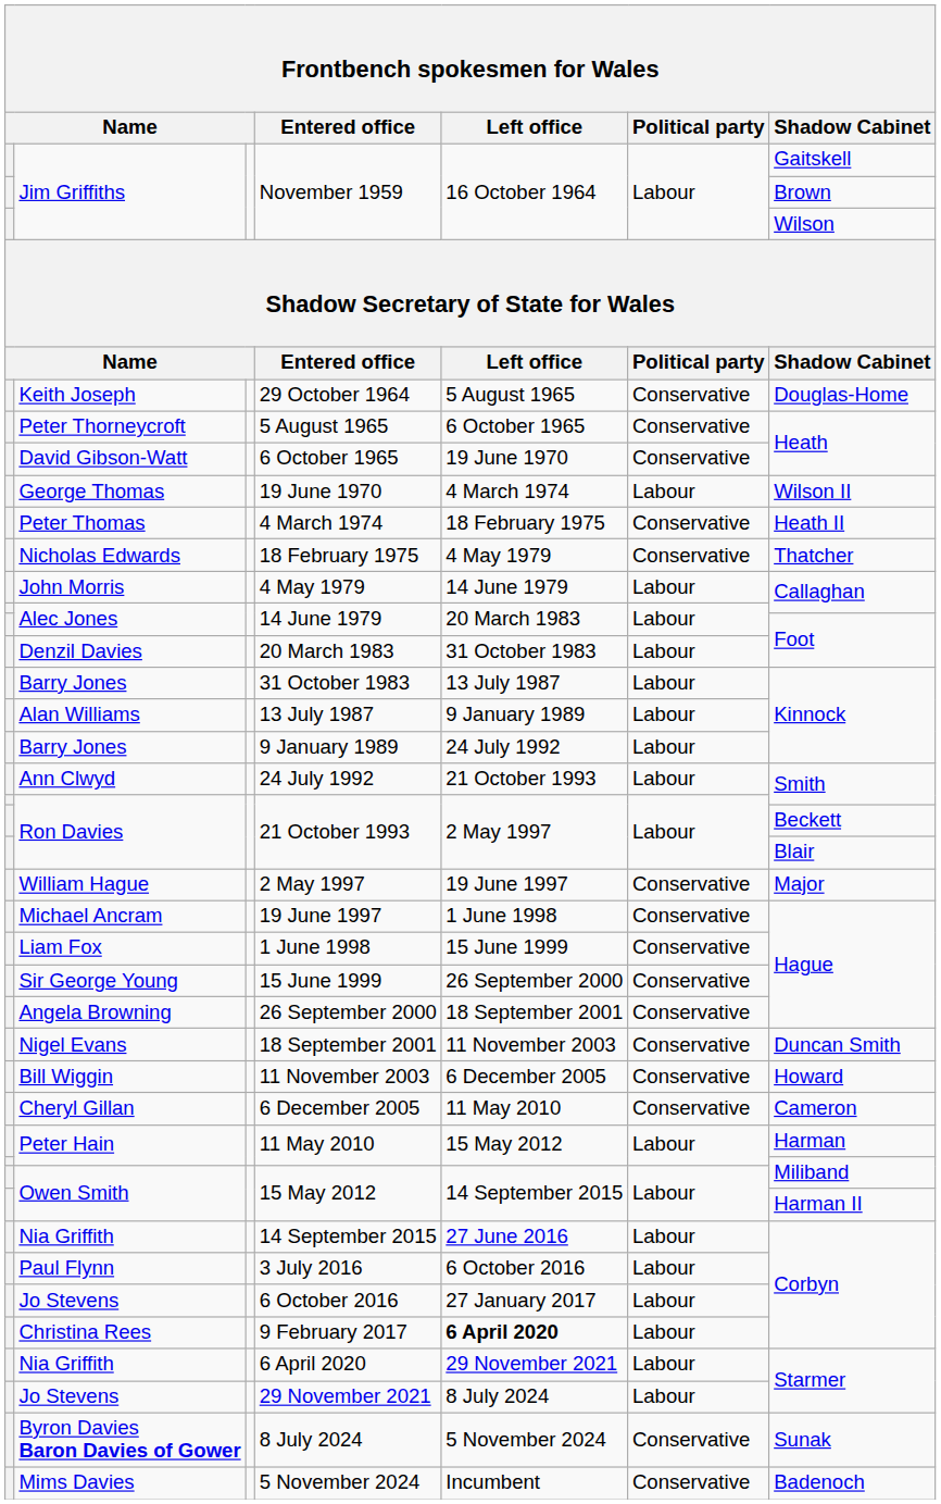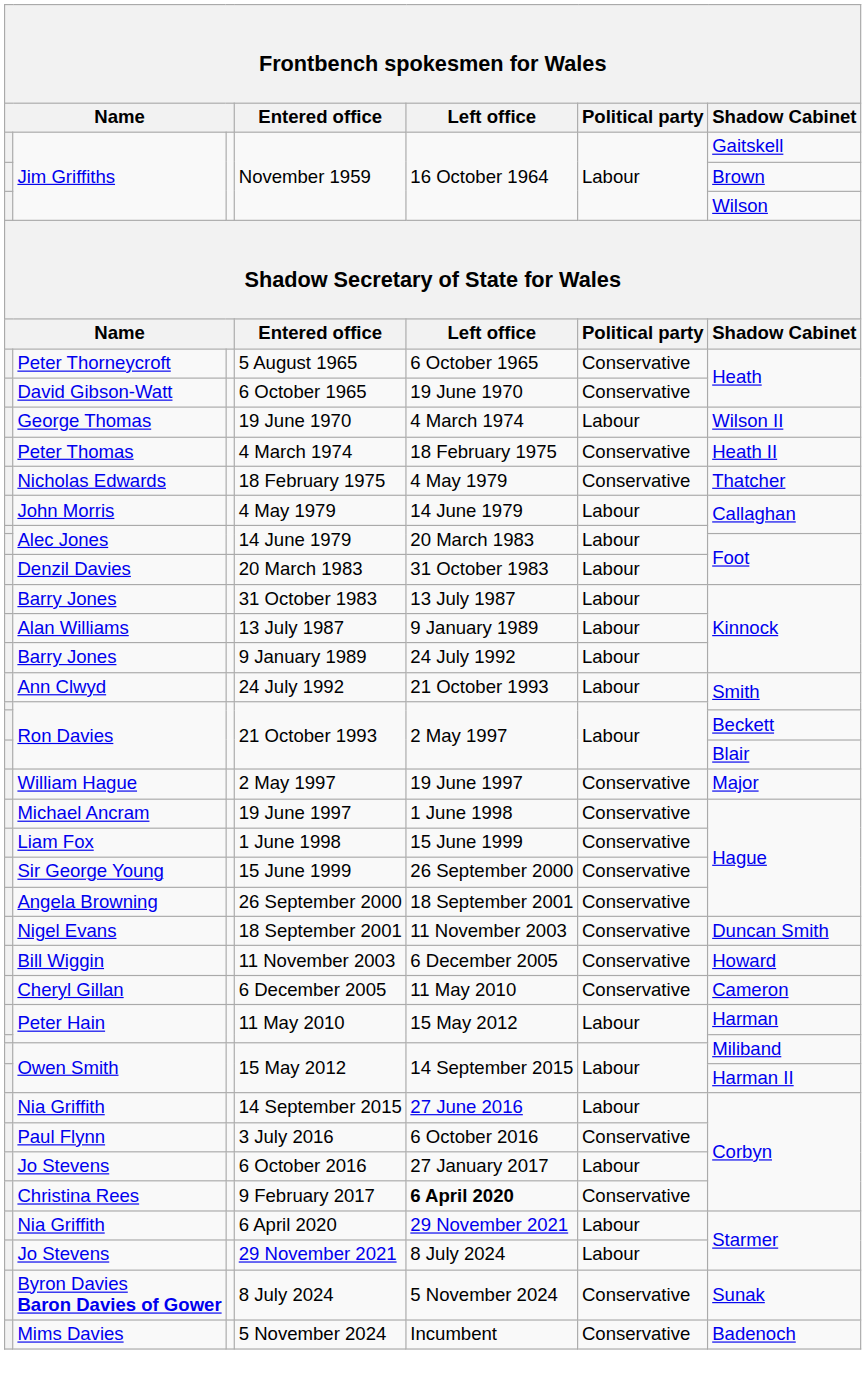 <table class="wikitable">
 <tr>
 <th colspan=7><br><h3>Frontbench spokesmen for Wales</h3></th>
 </tr>
 <tr>
 <th colspan=3>Name</th>
 <th>Entered office</th>
 <th>Left office</th>
 <th>Political party</th>
 <th>Shadow Cabinet</th>
 </tr>
 <tr>
 <th style="background-color: "></th>
 <td rowspan="3"><a href='#'>Jim Griffiths</a></td>
 <td rowspan="3"></td>
 <td rowspan="3">November 1959</td>
 <td rowspan="3">16 October 1964</td>
 <td rowspan="3">Labour</td>
 <td><a href='#'>Gaitskell</a></td>
 </tr>
 <tr>
 <th style="background-color: "></th>
 <td><a href='#'>Brown</a></td>
 </tr>
 <tr>
 <th style="background-color: "></th>
 <td><a href='#'>Wilson</a></td>
 </tr>
 <tr>
 <th colspan=7><br><h3>Shadow Secretary of State for Wales</h3></th>
 </tr>
 <tr>
 <th colspan=3>Name</th>
 <th>Entered office</th>
 <th>Left office</th>
 <th>Political party</th>
 <th>Shadow Cabinet</th>
-</tr>
-<tr>
-<th style="background-color: "></th>
-<td><a href='#'>Keith Joseph</a></td>
-<td></td>
-<td>29 October 1964</td>
-<td>5 August 1965</td>
-<td>Conservative</td>
-<td><a href='#'>Douglas-Home</a></td>
 </tr>
 <tr>
 <th style="background-color: "></th>
 <td><a href='#'>Peter Thorneycroft</a></td>
 <td></td>
 <td>5 August 1965</td>
 <td>6 October 1965</td>
 <td>Conservative</td>
 <td rowspan="2" ><a href='#'>Heath</a></td>
 </tr>
 <tr>
 <th style="background-color: "></th>
 <td><a href='#'>David Gibson-Watt</a></td>
 <td></td>
 <td>6 October 1965</td>
 <td>19 June 1970</td>
 <td>Conservative</td>
 </tr>
 <tr>
 <th style="background-color: "></th>
 <td><a href='#'>George Thomas</a></td>
 <td></td>
 <td>19 June 1970</td>
 <td>4 March 1974</td>
 <td>Labour</td>
 <td><a href='#'>Wilson II</a></td>
 </tr>
 <tr>
 <th style="background-color: "></th>
 <td><a href='#'>Peter Thomas</a></td>
 <td></td>
 <td>4 March 1974</td>
 <td>18 February 1975</td>
 <td>Conservative</td>
 <td><a href='#'>Heath II</a></td>
 </tr>
 <tr>
 <th style="background-color: "></th>
 <td><a href='#'>Nicholas Edwards</a><br></td>
 <td></td>
 <td>18 February 1975</td>
 <td>4 May 1979</td>
 <td>Conservative</td>
 <td><a href='#'>Thatcher</a></td>
 </tr>
 <tr>
 <th style="background-color: "></th>
 <td><a href='#'>John Morris</a><br></td>
 <td></td>
 <td>4 May 1979</td>
 <td>14 June 1979</td>
 <td>Labour</td>
 <td rowspan="2" ><a href='#'>Callaghan</a></td>
 </tr>
 <tr>
 <th style="background-color: "></th>
 <td rowspan="2"><a href='#'>Alec Jones</a><br></td>
 <td rowspan="2"></td>
 <td rowspan="2">14 June 1979</td>
 <td rowspan="2">20 March 1983</td>
 <td rowspan="2">Labour</td>
 </tr>
 <tr>
 <th style="background-color: "></th>
 <td rowspan="2" ><a href='#'>Foot</a></td>
 </tr>
 <tr>
 <th style="background-color: "></th>
 <td><a href='#'>Denzil Davies</a><br></td>
 <td></td>
 <td>20 March 1983</td>
 <td>31 October 1983</td>
 <td>Labour</td>
 </tr>
 <tr>
 <th style="background-color: "></th>
 <td><a href='#'>Barry Jones</a><br></td>
 <td></td>
 <td>31 October 1983</td>
 <td>13 July 1987</td>
 <td>Labour</td>
 <td rowspan="3" ><a href='#'>Kinnock</a></td>
 </tr>
 <tr>
 <th style="background-color: "></th>
 <td><a href='#'>Alan Williams</a><br></td>
 <td></td>
 <td>13 July 1987</td>
 <td>9 January 1989</td>
 <td>Labour</td>
 </tr>
 <tr>
 <th style="background-color: "></th>
 <td><a href='#'>Barry Jones</a><br></td>
 <td></td>
 <td>9 January 1989</td>
 <td>24 July 1992</td>
 <td>Labour</td>
 </tr>
 <tr>
 <th style="background-color: "></th>
 <td><a href='#'>Ann Clwyd</a><br></td>
 <td></td>
 <td>24 July 1992</td>
 <td>21 October 1993</td>
 <td>Labour</td>
 <td rowspan="2" ><a href='#'>Smith</a></td>
 </tr>
 <tr>
 <th style="background-color: "></th>
 <td rowspan="3"><a href='#'>Ron Davies</a><br></td>
 <td rowspan="3"></td>
 <td rowspan="3">21 October 1993</td>
 <td rowspan="3">2 May 1997</td>
 <td rowspan="3">Labour</td>
 </tr>
 <tr>
 <th style="background-color: "></th>
 <td><a href='#'>Beckett</a></td>
 </tr>
 <tr>
 <th style="background-color: "></th>
 <td><a href='#'>Blair</a></td>
 </tr>
 <tr>
 <th style="background-color: "></th>
 <td><a href='#'>William Hague</a><br></td>
 <td></td>
 <td>2 May 1997</td>
 <td>19 June 1997</td>
 <td>Conservative</td>
 <td><a href='#'>Major</a></td>
 </tr>
 <tr>
 <th style="background-color: "></th>
 <td><a href='#'>Michael Ancram</a><br></td>
 <td></td>
 <td>19 June 1997</td>
 <td>1 June 1998</td>
 <td>Conservative</td>
 <td rowspan="4" ><a href='#'>Hague</a></td>
 </tr>
 <tr>
 <th style="background-color: "></th>
 <td><a href='#'>Liam Fox</a><br></td>
 <td></td>
 <td>1 June 1998</td>
 <td>15 June 1999</td>
 <td>Conservative</td>
 </tr>
 <tr>
 <th style="background-color: "></th>
 <td><a href='#'>Sir George Young</a><br></td>
 <td></td>
 <td>15 June 1999</td>
 <td>26 September 2000</td>
 <td>Conservative</td>
 </tr>
 <tr>
 <th style="background-color: "></th>
 <td><a href='#'>Angela Browning</a><br></td>
 <td></td>
 <td>26 September 2000</td>
 <td>18 September 2001</td>
 <td>Conservative</td>
 </tr>
 <tr>
 <th style="background-color: "></th>
 <td><a href='#'>Nigel Evans</a><br></td>
 <td></td>
 <td>18 September 2001</td>
 <td>11 November 2003</td>
 <td>Conservative</td>
 <td><a href='#'>Duncan Smith</a></td>
 </tr>
 <tr>
 <th style="background-color: "></th>
 <td><a href='#'>Bill Wiggin</a><br></td>
 <td></td>
 <td>11 November 2003</td>
 <td>6 December 2005</td>
 <td>Conservative</td>
 <td><a href='#'>Howard</a></td>
 </tr>
 <tr>
 <th style="background-color: "></th>
 <td><a href='#'>Cheryl Gillan</a><br></td>
 <td></td>
 <td>6 December 2005</td>
 <td>11 May 2010</td>
 <td>Conservative</td>
 <td><a href='#'>Cameron</a></td>
 </tr>
 <tr>
 <th style="background-color: "></th>
 <td rowspan="2"><a href='#'>Peter Hain</a><br></td>
 <td rowspan="2"></td>
 <td rowspan="2">11 May 2010</td>
 <td rowspan="2">15 May 2012</td>
 <td rowspan="2">Labour</td>
 <td><a href='#'>Harman</a></td>
 </tr>
 <tr>
 <th style="background-color: "></th>
 <td rowspan="2" ><a href='#'>Miliband</a></td>
 </tr>
 <tr>
 <th style="background-color: "></th>
 <td rowspan="2"><a href='#'>Owen Smith</a><br></td>
 <td rowspan="2"></td>
 <td rowspan="2">15 May 2012</td>
 <td rowspan="2">14 September 2015</td>
 <td rowspan="2">Labour</td>
 </tr>
 <tr>
 <th style="background-color: "></th>
 <td><a href='#'>Harman II</a></td>
 </tr>
 <tr>
 <th style="background-color: "></th>
 <td><a href='#'>Nia Griffith</a><br></td>
 <td></td>
 <td>14 September 2015</td>
 <td><a href='#'>27 June 2016</a></td>
 <td>Labour</td>
 <td rowspan="4" ><a href='#'>Corbyn</a></td>
 </tr>
 <tr>
 <th style="background-color: "></th>
 <td><a href='#'>Paul Flynn</a><br></td>
 <td></td>
 <td>3 July 2016</td>
 <td>6 October 2016</td>
-<td>Labour</td>
+<td>Conservative</td>
 </tr>
 <tr>
 <th style="background-color: "></th>
 <td><a href='#'>Jo Stevens</a><br></td>
 <td></td>
 <td>6 October 2016</td>
 <td>27 January 2017</td>
 <td>Labour</td>
 </tr>
 <tr>
 <th style="background-color: "></th>
 <td><a href='#'>Christina Rees</a><br></td>
 <td></td>
 <td>9 February 2017</td>
 <td><strong>6 April 2020</strong></td>
-<td>Labour</td>
+<td>Conservative</td>
 </tr>
 <tr>
 <th style="background-color: "></th>
 <td><a href='#'>Nia Griffith</a><br></td>
 <td></td>
 <td>6 April 2020</td>
 <td><a href='#'>29 November 2021</a></td>
 <td>Labour</td>
 <td rowspan="2" ><a href='#'>Starmer</a></td>
 </tr>
 <tr>
 <th style="background-color: "></th>
 <td><a href='#'>Jo Stevens</a><br></td>
 <td></td>
 <td><a href='#'>29 November 2021</a></td>
 <td>8 July 2024</td>
 <td>Labour</td>
 </tr>
 <tr>
 <th style="background-color: "></th>
 <td><a href='#'>Byron Davies<br> <strong>Baron Davies of Gower</strong></a></td>
 <td></td>
 <td>8 July 2024</td>
 <td>5 November 2024</td>
 <td>Conservative</td>
 <td><a href='#'>Sunak</a></td>
 </tr>
 <tr>
 <th style="background-color: "></th>
 <td><a href='#'>Mims Davies</a></td>
 <td></td>
 <td>5 November 2024</td>
 <td>Incumbent</td>
 <td>Conservative</td>
 <td><a href='#'>Badenoch</a></td>
 </tr>
 </table>
